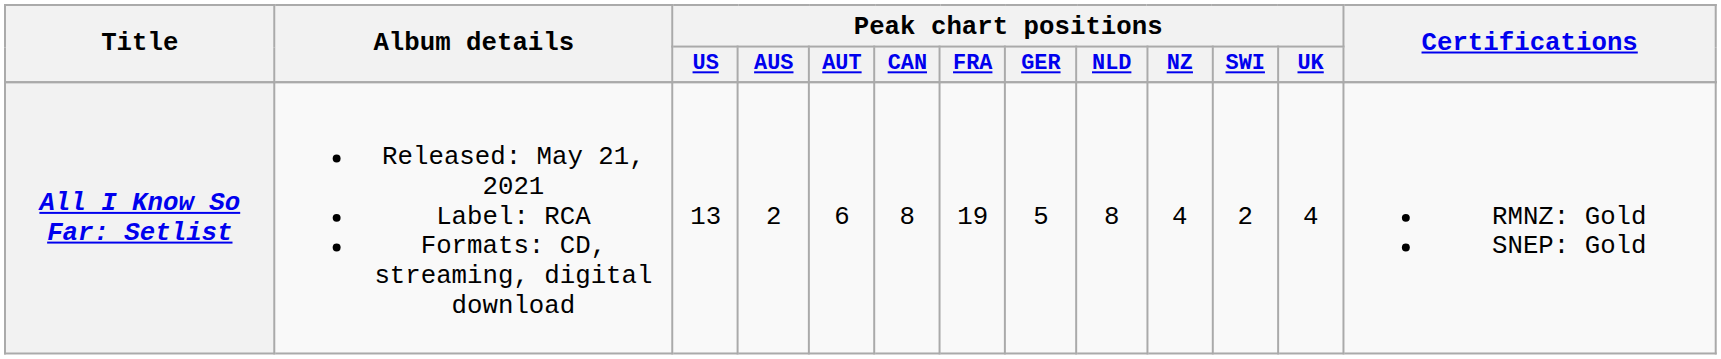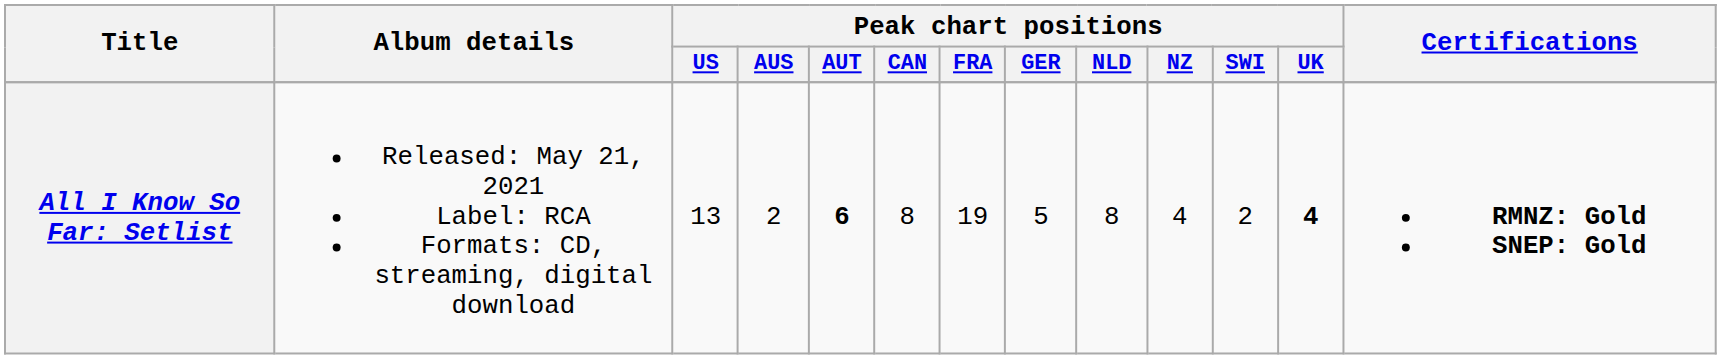 <table class="wikitable plainrowheaders" style="text-align:center;">
 <tr>
 <th scope="col" rowspan="2" style="width:10em;">Title</th>
 <th scope="col" rowspan="2" style="width:15em;">Album details</th>
 <th scope="col" colspan="10">Peak chart positions</th>
 <th scope="col" rowspan="2" style="width:14em;"><a href='#'>Certifications</a></th>
 </tr>
 <tr>
 <th scope="col" style="width:2.5em; font-size:85%;"><a href='#'>US</a><br></th>
 <th scope="col" style="width:2.75em;font-size:85%;"><a href='#'>AUS</a><br></th>
 <th scope="col" style="width:2.5em; font-size:85%;"><a href='#'>AUT</a><br></th>
 <th scope="col" style="width:2.5em; font-size:85%;"><a href='#'>CAN</a><br></th>
 <th scope="col" style="width:2.5em; font-size:85%;"><a href='#'>FRA</a><br></th>
 <th scope="col" style="width:2.75em;font-size:85%;"><a href='#'>GER</a><br></th>
 <th scope="col" style="width:2.75em;font-size:85%;"><a href='#'>NLD</a><br></th>
 <th scope="col" style="width:2.5em; font-size:85%;"><a href='#'>NZ</a><br></th>
 <th scope="col" style="width:2.5em; font-size:85%;"><a href='#'>SWI</a><br></th>
 <th scope="col" style="width:2.5em; font-size:85%;"><a href='#'>UK</a><br></th>
 </tr>
 <tr>
 </tr>
 <tr>
 <th scope="row"><em><a href='#'>All I Know So Far: Setlist</a></em></th>
 <td><br><ul><li>Released: May 21, 2021</li><li>Label: RCA</li><li>Formats: CD, streaming, digital download</li></ul></td>
 <td>13</td>
 <td>2</td>
-<td>6</td>
+<td><strong>6</strong></td>
 <td>8</td>
 <td>19</td>
 <td>5</td>
 <td>8</td>
 <td>4</td>
 <td>2</td>
-<td>4</td>
-<td><br><ul><li>RMNZ: Gold</li><li>SNEP: Gold</li></ul></td>
+<td><strong>4</strong></td>
+<td><strong><br><ul><li>RMNZ: Gold</li><li>SNEP: Gold</li></ul></strong></td>
 </tr>
 </table>
